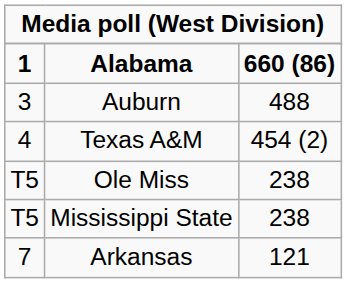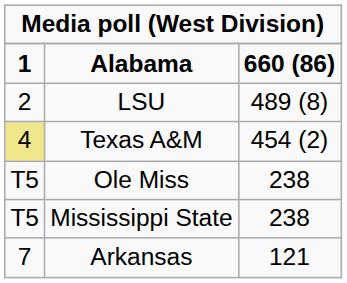 <table class="wikitable" style="display: inline-table;">
 <tr>
 <td align="center" Colspan="3"><strong>Media poll (West Division)</strong></td>
 </tr>
 <tr align="center">
 </tr>
 <tr align="center">
 <td><strong>1</strong></td>
 <td><strong>Alabama</strong></td>
 <td><strong>660 (86)</strong></td>
 </tr>
 <tr align="center">
-<td>3</td>
-<td>Auburn</td>
-<td>488</td>
+<td>2</td>
+<td>LSU</td>
+<td>489 (8)</td>
 </tr>
 <tr align="center">
-<td>4</td>
+<td style="background: khaki;">4</td>
 <td>Texas A&M</td>
 <td>454 (2)</td>
 </tr>
 <tr align="center">
 <td>T5</td>
 <td>Ole Miss</td>
 <td>238</td>
 </tr>
 <tr align="center">
 <td>T5</td>
 <td>Mississippi State</td>
 <td>238</td>
 </tr>
 <tr align="center">
 <td>7</td>
 <td>Arkansas</td>
 <td>121</td>
 </tr>
 </table>
